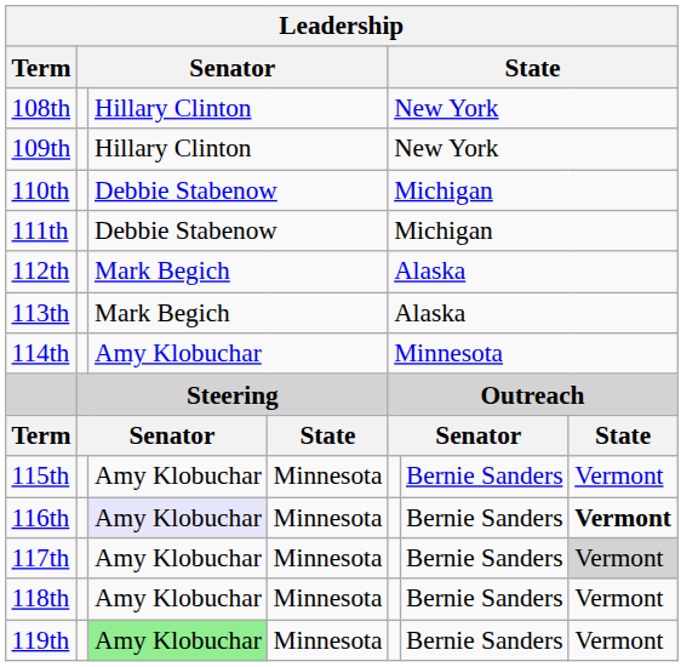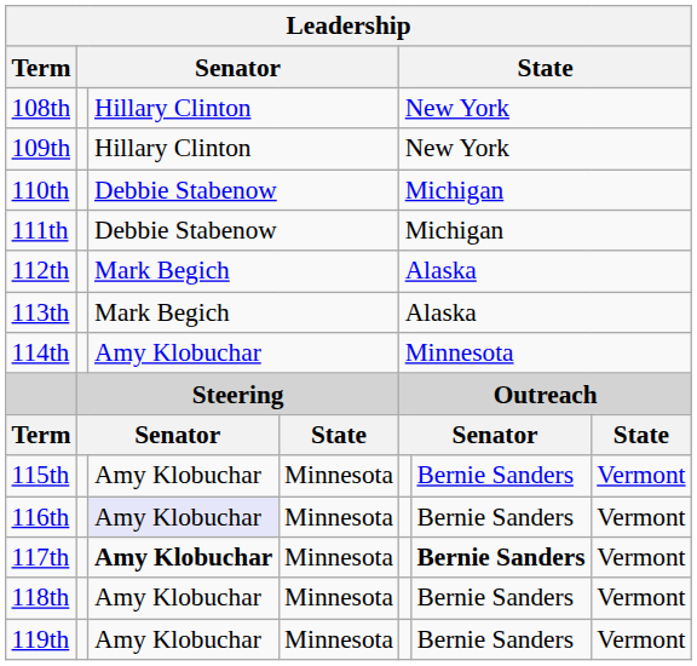 <table class=wikitable>
 <tr>
 <th colspan=7>Leadership</th>
 </tr>
 <tr>
 <th>Term</th>
 <th colspan=3>Senator</th>
 <th colspan=3>State</th>
 </tr>
 <tr>
 <td><a href='#'>108th</a></td>
 <td></td>
 <td colspan=2><a href='#'>Hillary Clinton</a></td>
 <td colspan=3><a href='#'>New York</a></td>
 </tr>
 <tr>
 <td><a href='#'>109th</a></td>
 <td></td>
 <td colspan=2>Hillary Clinton</td>
 <td colspan=3>New York</td>
 </tr>
 <tr>
 <td><a href='#'>110th</a></td>
 <td></td>
 <td colspan=2><a href='#'>Debbie Stabenow</a></td>
 <td colspan=3><a href='#'>Michigan</a></td>
 </tr>
 <tr>
 <td><a href='#'>111th</a></td>
 <td></td>
 <td colspan=2>Debbie Stabenow</td>
 <td colspan=3>Michigan</td>
 </tr>
 <tr>
 <td><a href='#'>112th</a></td>
 <td></td>
 <td colspan=2><a href='#'>Mark Begich</a></td>
 <td colspan=3><a href='#'>Alaska</a></td>
 </tr>
 <tr>
 <td><a href='#'>113th</a></td>
 <td></td>
 <td colspan=2>Mark Begich</td>
 <td colspan=3>Alaska</td>
 </tr>
 <tr>
 <td><a href='#'>114th</a></td>
 <td></td>
 <td colspan=2><a href='#'>Amy Klobuchar</a></td>
 <td colspan=3><a href='#'>Minnesota</a></td>
 </tr>
 <tr style="background:lightgray;text-align:center;">
 <td></td>
 <td colspan=3><strong>Steering</strong></td>
 <td colspan=3><strong>Outreach</strong></td>
 </tr>
 <tr>
 <th>Term</th>
 <th colspan=2>Senator</th>
 <th>State</th>
 <th colspan=2>Senator</th>
 <th>State</th>
 </tr>
 <tr>
 <td><a href='#'>115th</a></td>
 <td></td>
 <td>Amy Klobuchar</td>
 <td>Minnesota</td>
 <td></td>
 <td><a href='#'>Bernie Sanders</a></td>
 <td><a href='#'>Vermont</a></td>
 </tr>
 <tr>
 <td><a href='#'>116th</a></td>
 <td></td>
 <td style="background: lavender;">Amy Klobuchar</td>
 <td>Minnesota</td>
 <td></td>
 <td>Bernie Sanders</td>
-<td><strong>Vermont</strong></td>
+<td>Vermont</td>
 </tr>
 <tr>
 <td><a href='#'>117th</a></td>
 <td></td>
-<td>Amy Klobuchar</td>
+<td><strong>Amy Klobuchar</strong></td>
 <td>Minnesota</td>
 <td></td>
-<td>Bernie Sanders </td>
-<td style="background: lightgrey;">Vermont</td>
+<td><strong>Bernie Sanders </strong></td>
+<td>Vermont</td>
 </tr>
 <tr>
 <td><a href='#'>118th</a></td>
 <td></td>
 <td>Amy Klobuchar</td>
 <td>Minnesota</td>
 <td></td>
 <td>Bernie Sanders</td>
 <td>Vermont</td>
 </tr>
 <tr>
 <td><a href='#'>119th</a></td>
 <td></td>
-<td style="background: lightgreen;">Amy Klobuchar</td>
+<td>Amy Klobuchar</td>
 <td>Minnesota</td>
 <td></td>
 <td>Bernie Sanders</td>
 <td>Vermont</td>
 </tr>
 </table>
